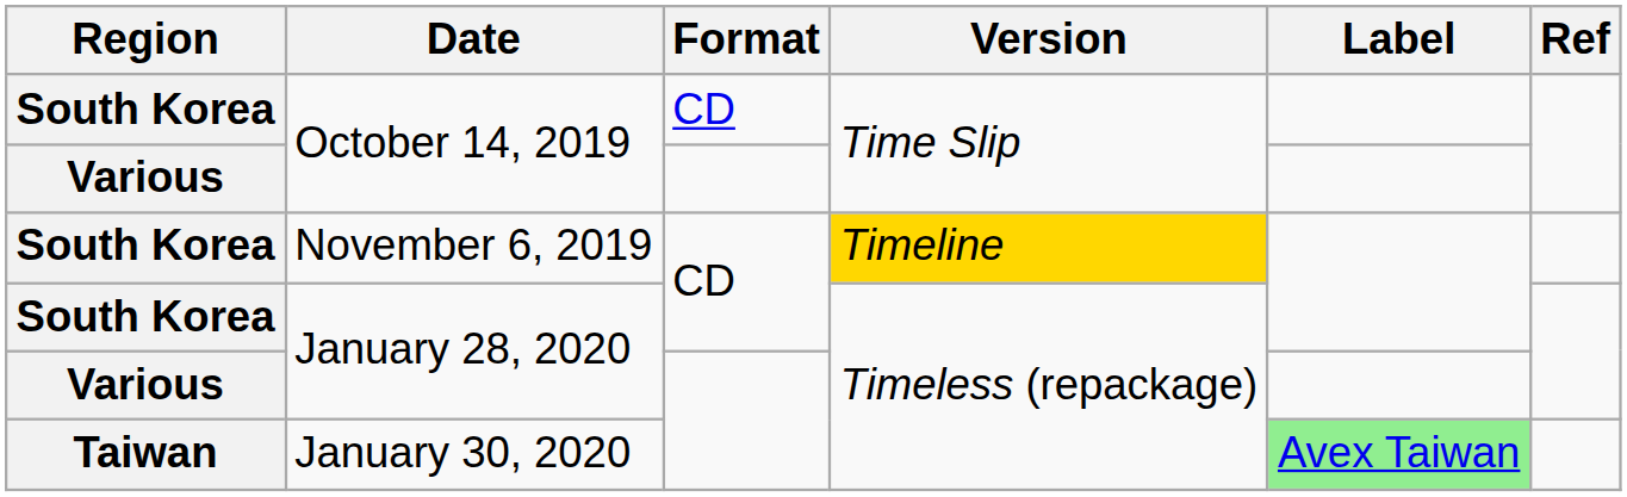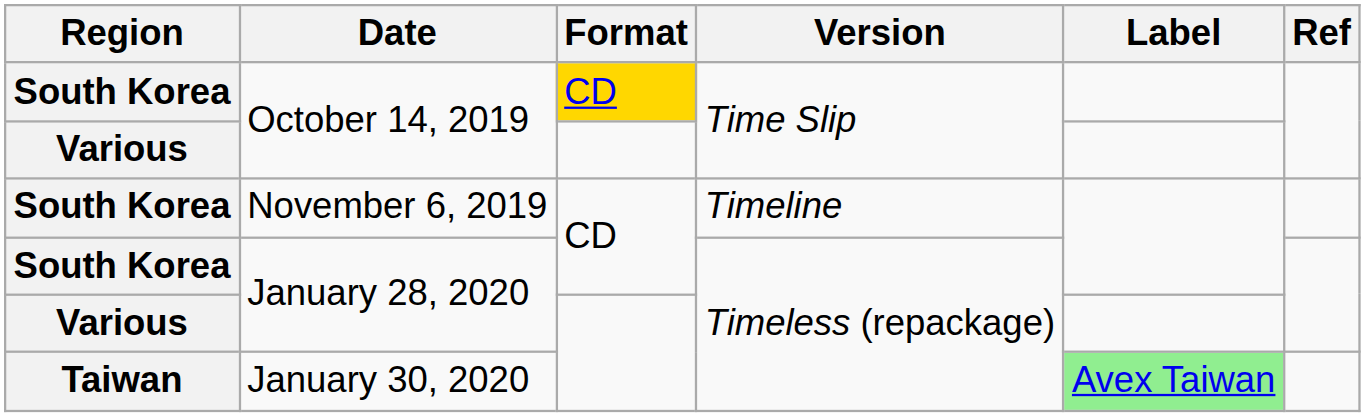 <table class="wikitable plainrowheaders">
 <tr>
 <th scope="col">Region</th>
 <th scope="col">Date</th>
 <th scope="col">Format</th>
 <th scope="col">Version</th>
 <th scope="col">Label</th>
 <th scope="col">Ref</th>
 </tr>
 <tr>
 <th scope="row">South Korea</th>
 <td rowspan="2">October 14, 2019</td>
-<td><a href='#'>CD</a></td>
+<td style="background: gold;"><a href='#'>CD</a></td>
 <td rowspan="2"><em>Time Slip</em></td>
 <td></td>
 <td rowspan="2"></td>
 </tr>
 <tr>
 <th scope="row">Various</th>
 <td></td>
 <td></td>
 </tr>
 <tr>
 <th scope="row">South Korea</th>
 <td>November 6, 2019</td>
 <td rowspan="2">CD</td>
-<td style="background: gold;"><em>Timeline</em></td>
+<td><em>Timeline</em></td>
 <td rowspan="2"></td>
 <td></td>
 </tr>
 <tr>
 <th scope="row">South Korea</th>
 <td rowspan="2">January 28, 2020</td>
 <td rowspan="3"><em>Timeless</em> (repackage)</td>
 <td rowspan="2"></td>
 </tr>
 <tr>
 <th scope="row">Various </th>
 <td rowspan="2"></td>
 <td></td>
 </tr>
 <tr>
 <th scope="row">Taiwan</th>
 <td>January 30, 2020</td>
 <td style="background: lightgreen;"><a href='#'>Avex Taiwan</a></td>
 <td></td>
 </tr>
 </table>
